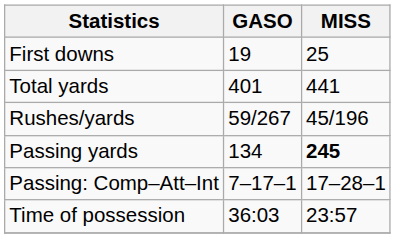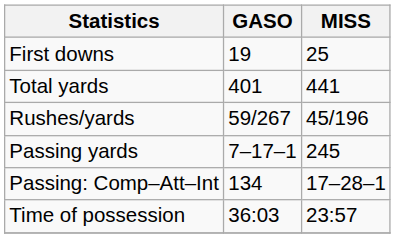 <table class="wikitable" style="float: left;">
 <tr>
 <th>Statistics</th>
 <th>GASO</th>
 <th>MISS</th>
 </tr>
 <tr>
 <td>First downs</td>
 <td>19</td>
 <td>25</td>
 </tr>
 <tr>
 <td>Total yards</td>
 <td>401</td>
 <td>441</td>
 </tr>
 <tr>
 <td>Rushes/yards</td>
 <td>59/267</td>
 <td>45/196</td>
 </tr>
 <tr>
 <td>Passing yards</td>
-<td>134</td>
-<td><strong>245</strong></td>
+<td>7–17–1</td>
+<td>245</td>
 </tr>
 <tr>
 <td>Passing: Comp–Att–Int</td>
-<td>7–17–1</td>
+<td>134</td>
 <td>17–28–1</td>
 </tr>
 <tr>
 <td>Time of possession</td>
 <td>36:03</td>
 <td>23:57</td>
 </tr>
 <tr>
 </tr>
 </table>
